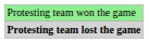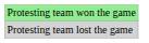 <table class="wikitable plainrowheaders">
 <tr>
 <td bgcolor=lightgreen>Protesting team won the game</td>
 </tr>
 <tr>
-<td bgcolor=lightgrey><strong>Protesting team lost the game</strong></td>
+<td bgcolor=lightgrey>Protesting team lost the game</td>
 </tr>
 </table>
